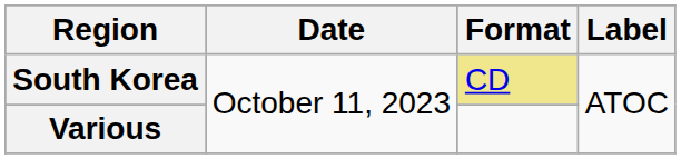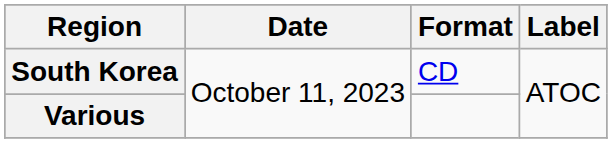 <table class="wikitable plainrowheaders">
 <tr>
 <th scope="col">Region</th>
 <th scope="col">Date</th>
 <th scope="col">Format</th>
 <th scope="col">Label</th>
 </tr>
 <tr>
 <th scope="row">South Korea</th>
 <td rowspan="2">October 11, 2023</td>
-<td style="background: khaki;"><a href='#'>CD</a></td>
+<td><a href='#'>CD</a></td>
 <td rowspan="2">ATOC</td>
 </tr>
 <tr>
 <th scope="row">Various</th>
 <td></td>
 </tr>
 </table>
